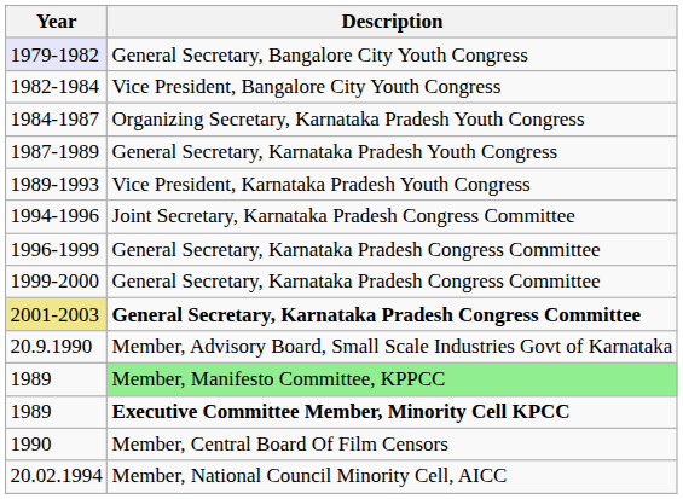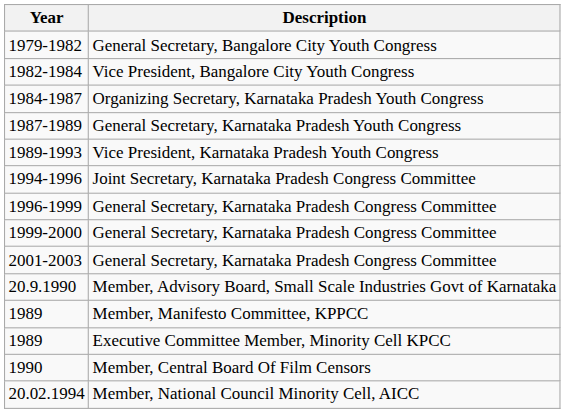 <table class="wikitable">
 <tr>
 <th>Year</th>
 <th>Description</th>
 </tr>
 <tr>
-<td style="background: lavender;">1979-1982</td>
+<td>1979-1982</td>
 <td>General Secretary, Bangalore City Youth Congress</td>
 </tr>
 <tr>
 <td>1982-1984</td>
 <td>Vice President, Bangalore City Youth Congress</td>
 </tr>
 <tr>
 <td>1984-1987</td>
 <td>Organizing Secretary, Karnataka Pradesh Youth Congress</td>
 </tr>
 <tr>
 <td>1987-1989</td>
 <td>General Secretary, Karnataka Pradesh Youth Congress</td>
 </tr>
 <tr>
 <td>1989-1993</td>
 <td>Vice President, Karnataka Pradesh Youth Congress</td>
 </tr>
 <tr>
 <td>1994-1996</td>
 <td>Joint Secretary, Karnataka Pradesh Congress Committee</td>
 </tr>
 <tr>
 <td>1996-1999</td>
 <td>General Secretary, Karnataka Pradesh Congress Committee</td>
 </tr>
 <tr>
 <td>1999-2000</td>
 <td>General Secretary, Karnataka Pradesh Congress Committee</td>
 </tr>
 <tr>
-<td style="background: khaki;">2001-2003</td>
-<td><strong>General Secretary, Karnataka Pradesh Congress Committee</strong></td>
+<td>2001-2003</td>
+<td>General Secretary, Karnataka Pradesh Congress Committee</td>
 </tr>
 <tr>
 <td>20.9.1990</td>
 <td>Member, Advisory Board, Small Scale Industries Govt of Karnataka</td>
 </tr>
 <tr>
 <td>1989</td>
-<td style="background: lightgreen;">Member, Manifesto Committee, KPPCC</td>
+<td>Member, Manifesto Committee, KPPCC</td>
 </tr>
 <tr>
 <td>1989</td>
-<td><strong>Executive Committee Member, Minority Cell KPCC</strong></td>
+<td>Executive Committee Member, Minority Cell KPCC</td>
 </tr>
 <tr>
 <td>1990</td>
 <td>Member, Central Board Of Film Censors</td>
 </tr>
 <tr>
 <td>20.02.1994</td>
 <td>Member, National Council Minority Cell, AICC</td>
 </tr>
 </table>
